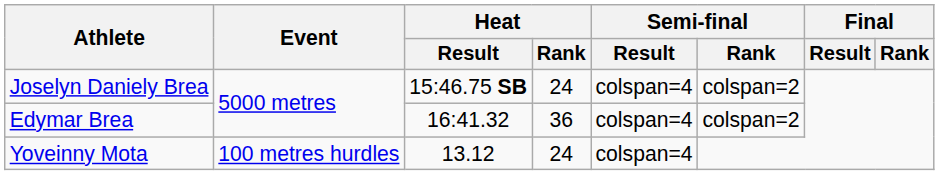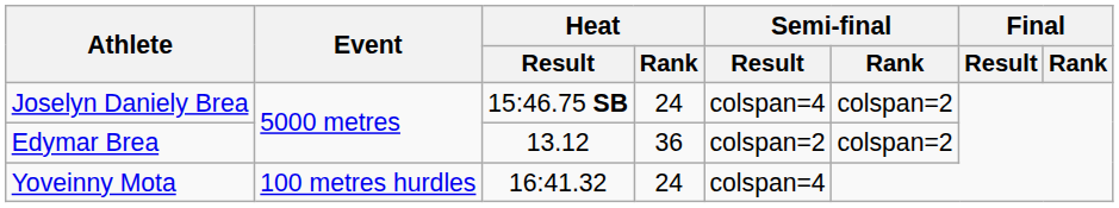 <table class="wikitable" style="font-size:90%">
 <tr>
 <th rowspan="2">Athlete</th>
 <th rowspan="2">Event</th>
 <th colspan="2">Heat</th>
 <th colspan="2">Semi-final</th>
 <th colspan="2">Final</th>
 </tr>
 <tr style="font-size:95%">
 <th>Result</th>
 <th>Rank</th>
 <th>Result</th>
 <th>Rank</th>
 <th>Result</th>
 <th>Rank</th>
 </tr>
 <tr style=text-align:center>
 <td style=text-align:left><a href='#'>Joselyn Daniely Brea</a></td>
 <td rowspan="2" style="text-align:left"><a href='#'>5000 metres</a></td>
 <td>15:46.75 <strong>SB</strong></td>
 <td>24</td>
 <td>colspan=4</td>
 <td>colspan=2 </td>
 </tr>
 <tr align="center">
 <td align="left"><a href='#'>Edymar Brea</a></td>
-<td>16:41.32</td>
+<td>13.12</td>
 <td>36</td>
-<td>colspan=4</td>
+<td>colspan=2 </td>
 <td>colspan=2 </td>
 </tr>
 <tr style="text-align:center">
 <td style="text-align:left"><a href='#'>Yoveinny Mota</a></td>
 <td style="text-align:left"><a href='#'>100 metres hurdles</a></td>
-<td>13.12</td>
+<td>16:41.32</td>
 <td>24</td>
 <td>colspan=4</td>
 </tr>
 </table>
